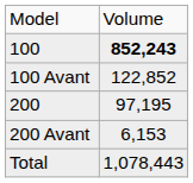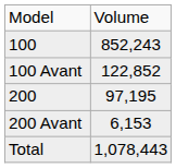 <table class="wikitable">
 <tr style="background:#FFFDEAD;">
 <td>Model</td>
 <td>Volume</td>
 </tr>
 <tr style="background:#eee;">
 <td>100 </td>
-<td style="text-align:center;"><strong>852,243</strong></td>
+<td style="text-align:center;">852,243</td>
 </tr>
 <tr style="background:#eee;">
 <td>100 Avant </td>
 <td style="text-align:center;">122,852</td>
 </tr>
 <tr style="background:#eee;">
 <td>200 </td>
 <td style="text-align:center;">97,195</td>
 </tr>
 <tr style="background:#eee;">
 <td>200 Avant </td>
 <td style="text-align:center;">6,153</td>
 </tr>
 <tr style="background:#eee;">
 <td>Total </td>
 <td style="text-align:center;">1,078,443</td>
 </tr>
 </table>
